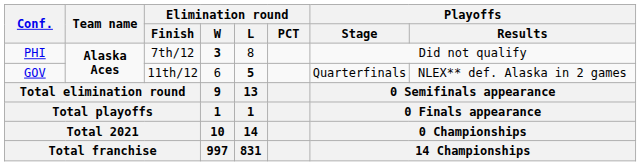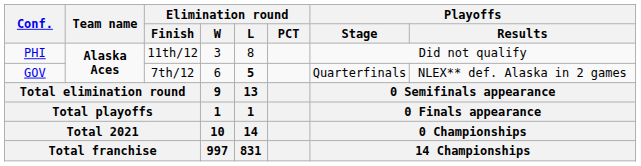 <table class=wikitable style="text-align:center;">
 <tr>
 <th style="width:60px;" rowspan="2"><a href='#'>Conf.</a></th>
 <th style="width:80px;" rowspan="2">Team name</th>
 <th colspan=4>Elimination round</th>
 <th colspan=2>Playoffs</th>
 </tr>
 <tr>
 <th width=50px>Finish</th>
 <th width=30px>W</th>
 <th width=30px>L</th>
 <th width=40px>PCT</th>
 <th style="width:100px;">Stage</th>
 <th style="width:240px;">Results</th>
 </tr>
 <tr>
 <td><a href='#'>PHI</a></td>
 <td rowspan=2><strong>Alaska Aces</strong></td>
-<td>7th/12</td>
-<td><strong>3</strong></td>
+<td>11th/12</td>
+<td>3</td>
 <td>8</td>
 <td></td>
 <td colspan=2>Did not qualify</td>
 </tr>
 <tr>
 <td><a href='#'>GOV</a></td>
-<td>11th/12</td>
+<td>7th/12</td>
 <td>6</td>
 <td><strong>5</strong></td>
 <td></td>
 <td>Quarterfinals</td>
 <td>NLEX** def. Alaska in 2 games</td>
 </tr>
 <tr>
 <th colspan=3>Total elimination round</th>
 <th>9</th>
 <th>13</th>
 <th></th>
 <th colspan=2>0 Semifinals appearance</th>
 </tr>
 <tr>
 <th colspan=3>Total playoffs</th>
 <th>1</th>
 <th>1</th>
 <th></th>
 <th colspan=2>0 Finals appearance</th>
 </tr>
 <tr>
 <th colspan=3>Total 2021</th>
 <th>10</th>
 <th>14</th>
 <th></th>
 <th colspan=2>0 Championships</th>
 </tr>
 <tr>
 <th colspan=3>Total franchise</th>
 <th>997</th>
 <th>831</th>
 <th></th>
 <th colspan=2>14 Championships</th>
 </tr>
 </table>
